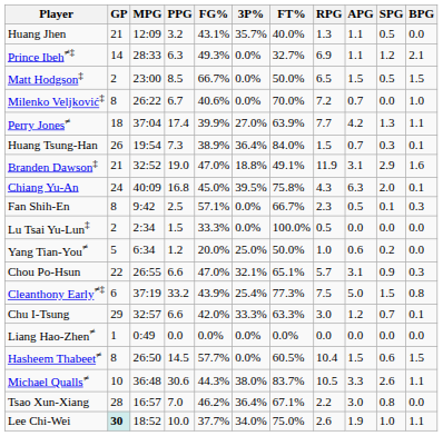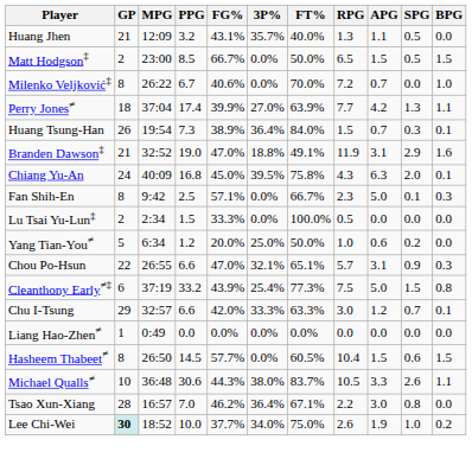 <table class="wikitable">
 <tr>
 <th>Player</th>
 <th>GP</th>
 <th>MPG</th>
 <th>PPG</th>
 <th>FG%</th>
 <th>3P%</th>
 <th>FT%</th>
 <th>RPG</th>
 <th>APG</th>
 <th>SPG</th>
 <th>BPG</th>
 </tr>
 <tr>
 <td>Huang Jhen</td>
 <td>21</td>
 <td>12:09</td>
 <td>3.2</td>
 <td>43.1%</td>
 <td>35.7%</td>
 <td>40.0%</td>
 <td>1.3</td>
 <td>1.1</td>
 <td>0.5</td>
 <td>0.0</td>
-</tr>
-<tr>
-<td><a href='#'>Prince Ibeh</a><sup>≠‡</sup></td>
-<td>14</td>
-<td>28:33</td>
-<td>6.3</td>
-<td>49.3%</td>
-<td>0.0%</td>
-<td>32.7%</td>
-<td>6.9</td>
-<td>1.1</td>
-<td>1.2</td>
-<td>2.1</td>
 </tr>
 <tr>
 <td><a href='#'>Matt Hodgson</a><sup>‡</sup></td>
 <td>2</td>
 <td>23:00</td>
 <td>8.5</td>
 <td>66.7%</td>
 <td>0.0%</td>
 <td>50.0%</td>
 <td>6.5</td>
 <td>1.5</td>
 <td>0.5</td>
 <td>1.5</td>
 </tr>
 <tr>
 <td><a href='#'>Milenko Veljković</a><sup>‡</sup></td>
 <td>8</td>
 <td>26:22</td>
 <td>6.7</td>
 <td>40.6%</td>
 <td>0.0%</td>
 <td>70.0%</td>
 <td>7.2</td>
 <td>0.7</td>
 <td>0.0</td>
 <td>1.0</td>
 </tr>
 <tr>
 <td><a href='#'>Perry Jones</a><sup>≠</sup></td>
 <td>18</td>
 <td>37:04</td>
 <td>17.4</td>
 <td>39.9%</td>
 <td>27.0%</td>
 <td>63.9%</td>
 <td>7.7</td>
 <td>4.2</td>
 <td>1.3</td>
 <td>1.1</td>
 </tr>
 <tr>
 <td>Huang Tsung-Han</td>
 <td>26</td>
 <td>19:54</td>
 <td>7.3</td>
 <td>38.9%</td>
 <td>36.4%</td>
 <td>84.0%</td>
 <td>1.5</td>
 <td>0.7</td>
 <td>0.3</td>
 <td>0.1</td>
 </tr>
 <tr>
 <td><a href='#'>Branden Dawson</a><sup>‡</sup></td>
 <td>21</td>
 <td>32:52</td>
 <td>19.0</td>
 <td>47.0%</td>
 <td>18.8%</td>
 <td>49.1%</td>
 <td>11.9</td>
 <td>3.1</td>
 <td>2.9</td>
 <td>1.6</td>
 </tr>
 <tr>
 <td><a href='#'>Chiang Yu-An</a></td>
 <td>24</td>
 <td>40:09</td>
 <td>16.8</td>
 <td>45.0%</td>
 <td>39.5%</td>
 <td>75.8%</td>
 <td>4.3</td>
 <td>6.3</td>
 <td>2.0</td>
 <td>0.1</td>
 </tr>
 <tr>
 <td>Fan Shih-En</td>
 <td>8</td>
 <td>9:42</td>
 <td>2.5</td>
 <td>57.1%</td>
 <td>0.0%</td>
 <td>66.7%</td>
 <td>2.3</td>
-<td>0.5</td>
+<td>5.0</td>
 <td>0.1</td>
 <td>0.3</td>
 </tr>
 <tr>
 <td>Lu Tsai Yu-Lun<sup>‡</sup></td>
 <td>2</td>
 <td>2:34</td>
 <td>1.5</td>
 <td>33.3%</td>
 <td>0.0%</td>
 <td>100.0%</td>
 <td>0.5</td>
 <td>0.0</td>
 <td>0.0</td>
 <td>0.0</td>
 </tr>
 <tr>
 <td>Yang Tian-You<sup>≠</sup></td>
 <td>5</td>
 <td>6:34</td>
 <td>1.2</td>
 <td>20.0%</td>
 <td>25.0%</td>
 <td>50.0%</td>
 <td>1.0</td>
 <td>0.6</td>
 <td>0.2</td>
 <td>0.0</td>
 </tr>
 <tr>
 <td>Chou Po-Hsun</td>
 <td>22</td>
 <td>26:55</td>
 <td>6.6</td>
 <td>47.0%</td>
 <td>32.1%</td>
 <td>65.1%</td>
 <td>5.7</td>
 <td>3.1</td>
 <td>0.9</td>
 <td>0.3</td>
 </tr>
 <tr>
 <td><a href='#'>Cleanthony Early</a><sup>≠‡</sup></td>
 <td>6</td>
 <td>37:19</td>
 <td>33.2</td>
 <td>43.9%</td>
 <td>25.4%</td>
 <td>77.3%</td>
 <td>7.5</td>
 <td>5.0</td>
 <td>1.5</td>
 <td>0.8</td>
 </tr>
 <tr>
 <td>Chu I-Tsung</td>
 <td>29</td>
 <td>32:57</td>
 <td>6.6</td>
 <td>42.0%</td>
 <td>33.3%</td>
 <td>63.3%</td>
 <td>3.0</td>
 <td>1.2</td>
 <td>0.7</td>
 <td>0.1</td>
 </tr>
 <tr>
 <td>Liang Hao-Zhen<sup>≠</sup></td>
 <td>1</td>
 <td>0:49</td>
 <td>0.0</td>
 <td>0.0%</td>
 <td>0.0%</td>
 <td>0.0%</td>
 <td>0.0</td>
 <td>0.0</td>
 <td>0.0</td>
 <td>0.0</td>
 </tr>
 <tr>
 <td><a href='#'>Hasheem Thabeet</a><sup>≠</sup></td>
 <td>8</td>
 <td>26:50</td>
 <td>14.5</td>
 <td>57.7%</td>
 <td>0.0%</td>
 <td>60.5%</td>
 <td>10.4</td>
 <td>1.5</td>
 <td>0.6</td>
 <td>1.5</td>
 </tr>
 <tr>
 <td><a href='#'>Michael Qualls</a><sup>≠</sup></td>
 <td>10</td>
 <td>36:48</td>
 <td>30.6</td>
 <td>44.3%</td>
 <td>38.0%</td>
 <td>83.7%</td>
 <td>10.5</td>
 <td>3.3</td>
 <td>2.6</td>
 <td>1.1</td>
 </tr>
 <tr>
 <td>Tsao Xun-Xiang</td>
 <td>28</td>
 <td>16:57</td>
 <td>7.0</td>
 <td>46.2%</td>
 <td>36.4%</td>
 <td>67.1%</td>
 <td>2.2</td>
 <td>3.0</td>
 <td>0.8</td>
 <td>0.0</td>
 </tr>
 <tr>
 <td>Lee Chi-Wei</td>
 <td style="background-color: #CFECEC"><strong>30</strong></td>
 <td>18:52</td>
 <td>10.0</td>
 <td>37.7%</td>
 <td>34.0%</td>
 <td>75.0%</td>
 <td>2.6</td>
 <td>1.9</td>
 <td>1.0</td>
-<td>1.1</td>
+<td>0.2</td>
 </tr>
 </table>
